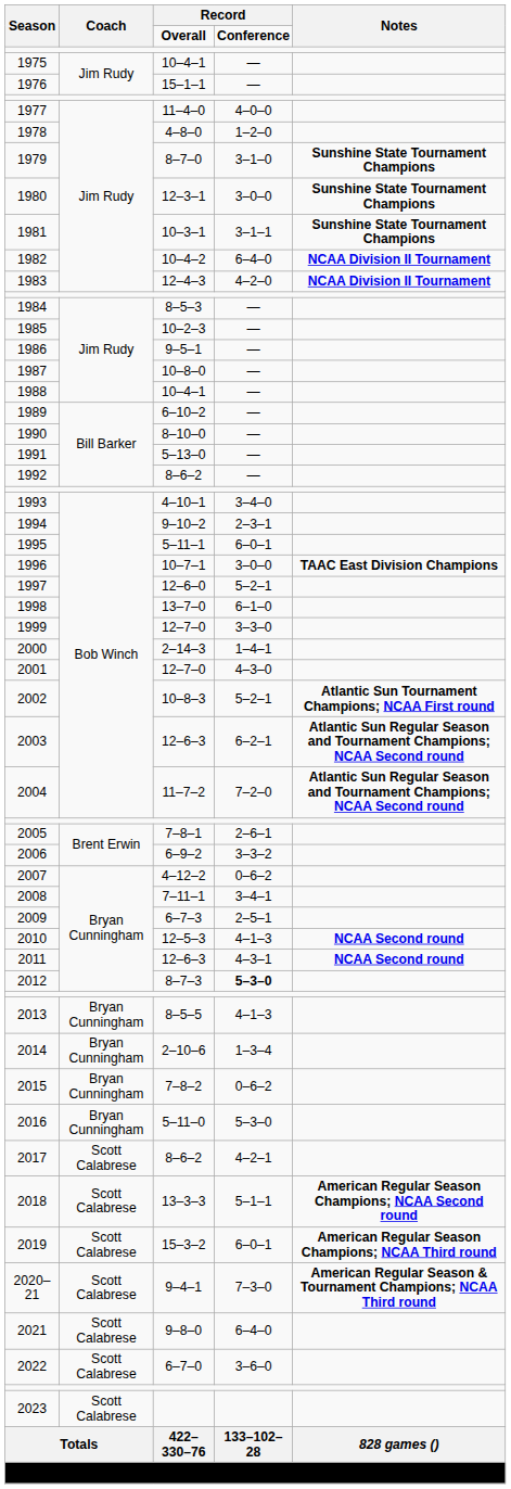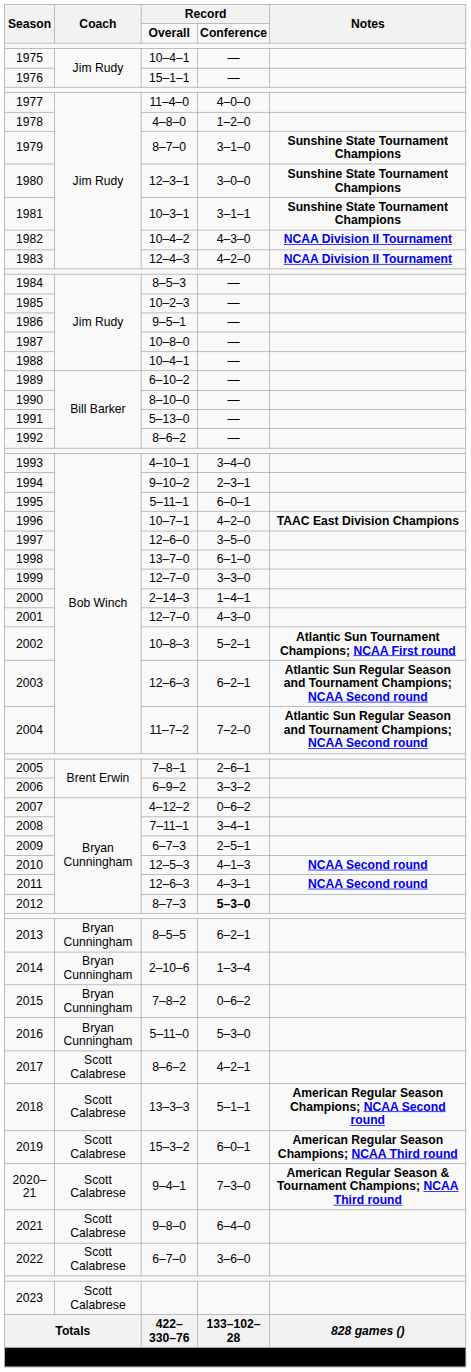 <table class="wikitable" style="font-size: %; text-align:center">
 <tr>
 <th rowspan="2">Season</th>
 <th rowspan="2">Coach</th>
 <th colspan="2">Record</th>
 <th rowspan="2">Notes</th>
 </tr>
 <tr>
 <td width:70px><strong>Overall</strong></td>
 <td width:40px><strong>Conference</strong></td>
 </tr>
 <tr>
 <td colspan="5"><strong><a href='#'></a></strong></td>
 </tr>
 <tr>
 <td>1975</td>
 <td rowspan="2">Jim Rudy</td>
 <td>10–4–1</td>
 <td>—</td>
 <td></td>
 </tr>
 <tr>
 <td>1976</td>
 <td>15–1–1</td>
 <td>—</td>
 </tr>
 <tr>
 <td colspan="5" style="text-align:center;"><strong><a href='#'></a></strong></td>
 </tr>
 <tr>
 <td>1977</td>
 <td rowspan="7">Jim Rudy</td>
 <td>11–4–0</td>
 <td>4–0–0</td>
 <td></td>
 </tr>
 <tr>
 <td>1978</td>
 <td>4–8–0</td>
 <td>1–2–0</td>
 <td></td>
 </tr>
 <tr>
 <td>1979</td>
 <td>8–7–0</td>
 <td>3–1–0</td>
 <td><strong>Sunshine State Tournament Champions</strong></td>
 </tr>
 <tr>
 <td>1980</td>
 <td>12–3–1</td>
 <td>3–0–0</td>
 <td><strong>Sunshine State Tournament Champions</strong></td>
 </tr>
 <tr>
 <td>1981</td>
 <td>10–3–1</td>
 <td>3–1–1</td>
 <td><strong>Sunshine State Tournament Champions</strong></td>
 </tr>
 <tr>
 <td style="text-align:center;">1982</td>
 <td style="text-align:center;">10–4–2</td>
-<td align=center>6–4–0</td>
+<td style="text-align:center;">4–3–0</td>
 <td style="text-align:center;"><strong><a href='#'>NCAA Division II Tournament</a></strong></td>
 </tr>
 <tr>
 <td style="text-align:center;">1983</td>
 <td style="text-align:center;">12–4–3</td>
 <td style="text-align:center;">4–2–0</td>
 <td style="text-align:center;"><strong><a href='#'>NCAA Division II Tournament</a></strong></td>
 </tr>
 <tr>
 <td colspan="5"><strong><a href='#'></a></strong></td>
 </tr>
 <tr style="text-align:center;">
 <td>1984</td>
 <td rowspan="5">Jim Rudy</td>
 <td>8–5–3</td>
 <td>—</td>
 <td style="text-align:center;"></td>
 </tr>
 <tr style="text-align:center;">
 <td>1985</td>
 <td>10–2–3</td>
 <td>—</td>
 <td style="text-align:center;"></td>
 </tr>
 <tr style="text-align:center;">
 <td>1986</td>
 <td>9–5–1</td>
 <td>—</td>
 <td style="text-align:center;"></td>
 </tr>
 <tr style="text-align:center;">
 <td>1987</td>
 <td>10–8–0</td>
 <td>—</td>
 <td style="text-align:center;"></td>
 </tr>
 <tr style="text-align:center;">
 <td>1988</td>
 <td>10–4–1</td>
 <td>—</td>
 <td style="text-align:center;"></td>
 </tr>
 <tr style="text-align:center;">
 <td>1989</td>
 <td rowspan="4">Bill Barker</td>
 <td>6–10–2</td>
 <td>—</td>
 <td style="text-align:center;"></td>
 </tr>
 <tr style="text-align:center;">
 <td>1990</td>
 <td>8–10–0</td>
 <td>—</td>
 <td style="text-align:center;"></td>
 </tr>
 <tr style="text-align:center;">
 <td>1991</td>
 <td>5–13–0</td>
 <td>—</td>
 <td style="text-align:center;"></td>
 </tr>
 <tr style="text-align:center;">
 <td>1992</td>
 <td>8–6–2</td>
 <td>—</td>
 <td style="text-align:center;"></td>
 </tr>
 <tr>
 <td colspan="5"><strong><a href='#'></a></strong></td>
 </tr>
 <tr style="text-align:center;">
 <td>1993</td>
 <td rowspan="12">Bob Winch</td>
 <td>4–10–1</td>
 <td>3–4–0</td>
 <td style="text-align:center;"></td>
 </tr>
 <tr style="text-align:center;">
 <td>1994</td>
 <td>9–10–2</td>
 <td>2–3–1</td>
 <td style="text-align:center;"></td>
 </tr>
 <tr style="text-align:center;">
 <td>1995</td>
 <td>5–11–1</td>
 <td style="text-align:center;">6–0–1</td>
 <td style="text-align:center;"></td>
 </tr>
 <tr style="text-align:center;">
 <td>1996</td>
 <td>10–7–1</td>
-<td>3–0–0</td>
+<td>4–2–0</td>
 <td><strong>TAAC East Division Champions</strong></td>
 </tr>
 <tr style="text-align:center;">
 <td>1997</td>
 <td>12–6–0</td>
-<td style="text-align:center;">5–2–1</td>
+<td>3–5–0</td>
 <td style="text-align:center;"></td>
 </tr>
 <tr style="text-align:center;">
 <td>1998</td>
 <td>13–7–0</td>
 <td>6–1–0</td>
 <td style="text-align:center;"></td>
 </tr>
 <tr style="text-align:center;">
 <td>1999</td>
 <td>12–7–0</td>
 <td>3–3–0</td>
 <td style="text-align:center;"></td>
 </tr>
 <tr style="text-align:center;">
 <td>2000</td>
 <td>2–14–3</td>
 <td>1–4–1</td>
 <td style="text-align:center;"></td>
 </tr>
 <tr style="text-align:center;">
 <td>2001</td>
 <td>12–7–0</td>
 <td>4–3–0</td>
 <td style="text-align:center;"></td>
 </tr>
 <tr>
 <td style="text-align:center;">2002</td>
 <td style="text-align:center;">10–8–3</td>
 <td style="text-align:center;">5–2–1</td>
 <td style="text-align:center;"><strong>Atlantic Sun Tournament Champions; <a href='#'>NCAA First round</a></strong></td>
 </tr>
 <tr>
 <td style="text-align:center;">2003</td>
 <td style="text-align:center;">12–6–3</td>
 <td style="text-align:center;">6–2–1</td>
 <td style="text-align:center;"><strong>Atlantic Sun Regular Season and Tournament Champions;<br><a href='#'>NCAA Second round</a></strong></td>
 </tr>
 <tr>
 <td style="text-align:center;">2004</td>
 <td style="text-align:center;">11–7–2</td>
 <td style="text-align:center;">7–2–0</td>
 <td style="text-align:center;"><strong>Atlantic Sun Regular Season and Tournament Champions;<br><a href='#'>NCAA Second round</a></strong></td>
 </tr>
 <tr>
 <td colspan="5" style="text-align:center;"><strong><a href='#'></a></strong></td>
 </tr>
 <tr style="text-align:center;">
 <td>2005</td>
 <td rowspan="2">Brent Erwin</td>
 <td>7–8–1</td>
 <td>2–6–1</td>
 <td></td>
 </tr>
 <tr style="text-align:center;">
 <td>2006</td>
 <td>6–9–2</td>
 <td>3–3–2</td>
 <td style="text-align:center;"></td>
 </tr>
 <tr style="text-align:center;">
 <td>2007</td>
 <td rowspan="6">Bryan Cunningham</td>
 <td>4–12–2</td>
 <td>0–6–2</td>
 <td style="text-align:center;"></td>
 </tr>
 <tr style="text-align:center;">
 <td>2008</td>
 <td>7–11–1</td>
 <td>3–4–1</td>
 <td style="text-align:center;"></td>
 </tr>
 <tr style="text-align:center;">
 <td>2009</td>
 <td>6–7–3</td>
 <td>2–5–1</td>
 <td style="text-align:center;"></td>
 </tr>
 <tr style="text-align:center;">
 <td style="text-align:center;">2010</td>
 <td style="text-align:center;">12–5–3</td>
 <td style="text-align:center;">4–1–3</td>
 <td style="text-align:center;"><strong><a href='#'>NCAA Second round</a></strong></td>
 </tr>
 <tr>
 <td style="text-align:center;">2011</td>
 <td style="text-align:center;">12–6–3</td>
 <td style="text-align:center;">4–3–1</td>
 <td style="text-align:center;"><strong><a href='#'>NCAA Second round</a></strong></td>
 </tr>
 <tr>
 <td style="text-align:center;">2012</td>
 <td style="text-align:center;">8–7–3</td>
 <td style="text-align:center;"><strong>5–3–0</strong></td>
 <td style="text-align:center;"></td>
 </tr>
 <tr>
 <td colspan=5 align=center><strong><a href='#'></a></strong></td>
 </tr>
 <tr style="text-align:center;">
 <td style="text-align:center;">2013</td>
 <td style="text-align:center;">Bryan Cunningham</td>
 <td style="text-align:center;">8–5–5</td>
-<td style="text-align:center;">4–1–3</td>
+<td style="text-align:center;">6–2–1</td>
 <td style="text-align:center;"></td>
 </tr>
 <tr>
 <td style="text-align:center;">2014</td>
 <td style="text-align:center;">Bryan Cunningham</td>
 <td style="text-align:center;">2–10–6</td>
 <td style="text-align:center;">1–3–4</td>
 <td style="text-align:center;"></td>
 </tr>
 <tr>
 <td style="text-align:center;">2015</td>
 <td style="text-align:center;">Bryan Cunningham</td>
 <td style="text-align:center;">7–8–2</td>
 <td>0–6–2</td>
 <td style="text-align:center;"></td>
 </tr>
 <tr>
 <td style="text-align:center;">2016</td>
 <td style="text-align:center;">Bryan Cunningham</td>
 <td style="text-align:center;">5–11–0</td>
 <td style="text-align:center;">5–3–0</td>
 <td style="text-align:center;"></td>
 </tr>
 <tr>
 <td style="text-align:center;">2017</td>
 <td style="text-align:center;">Scott Calabrese</td>
 <td style="text-align:center;">8–6–2</td>
 <td style="text-align:center;">4–2–1</td>
 <td style="text-align:center;"></td>
 </tr>
 <tr>
 <td style="text-align:center;">2018</td>
 <td style="text-align:center;">Scott Calabrese</td>
 <td style="text-align:center;">13–3–3</td>
 <td style="text-align:center;">5–1–1</td>
 <td style="text-align:center;"><strong>American Regular Season Champions; <a href='#'>NCAA Second round</a></strong></td>
 </tr>
 <tr>
 <td style="text-align:center;">2019</td>
 <td style="text-align:center;">Scott Calabrese</td>
 <td style="text-align:center;">15–3–2</td>
 <td style="text-align:center;">6–0–1</td>
 <td style="text-align:center;"><strong>American Regular Season Champions; <a href='#'>NCAA Third round</a></strong></td>
 </tr>
 <tr>
 <td align=center>2020–21</td>
 <td align=center>Scott Calabrese</td>
 <td align=center>9–4–1</td>
 <td align=center>7–3–0</td>
 <td align=center><strong>American Regular Season & Tournament Champions; <a href='#'>NCAA Third round</a></strong></td>
 </tr>
 <tr>
 <td align=center>2021</td>
 <td align=center>Scott Calabrese</td>
 <td align=center>9–8–0</td>
 <td align=center>6–4–0</td>
 <td align=center></td>
 </tr>
 <tr>
 <td align=center>2022</td>
 <td align=center>Scott Calabrese</td>
 <td align=center>6–7–0</td>
 <td align=center>3–6–0</td>
 <td align=center></td>
 </tr>
 <tr>
 <td colspan=5 align=center><strong><a href='#'></a></strong></td>
 </tr>
 <tr>
 <td align=center>2023</td>
 <td align=center>Scott Calabrese</td>
 <td align=center></td>
 <td align=center></td>
 <td align=center></td>
 </tr>
 <tr>
 <th style="text-align:center;" colspan="2">Totals</th>
 <th style="text-align:center;">422–330–76</th>
 <th style="text-align:center;">133–102–28</th>
 <th colspan="2" style="text-align:center;"><em>828 games ()</em></th>
 </tr>
 <tr>
 <td colspan="5" style="text-align:center; background:black;"><span><small><strong>Records are through the conclusion of the 2022 NCAA season.</strong></small></span></td>
 </tr>
 </table>
